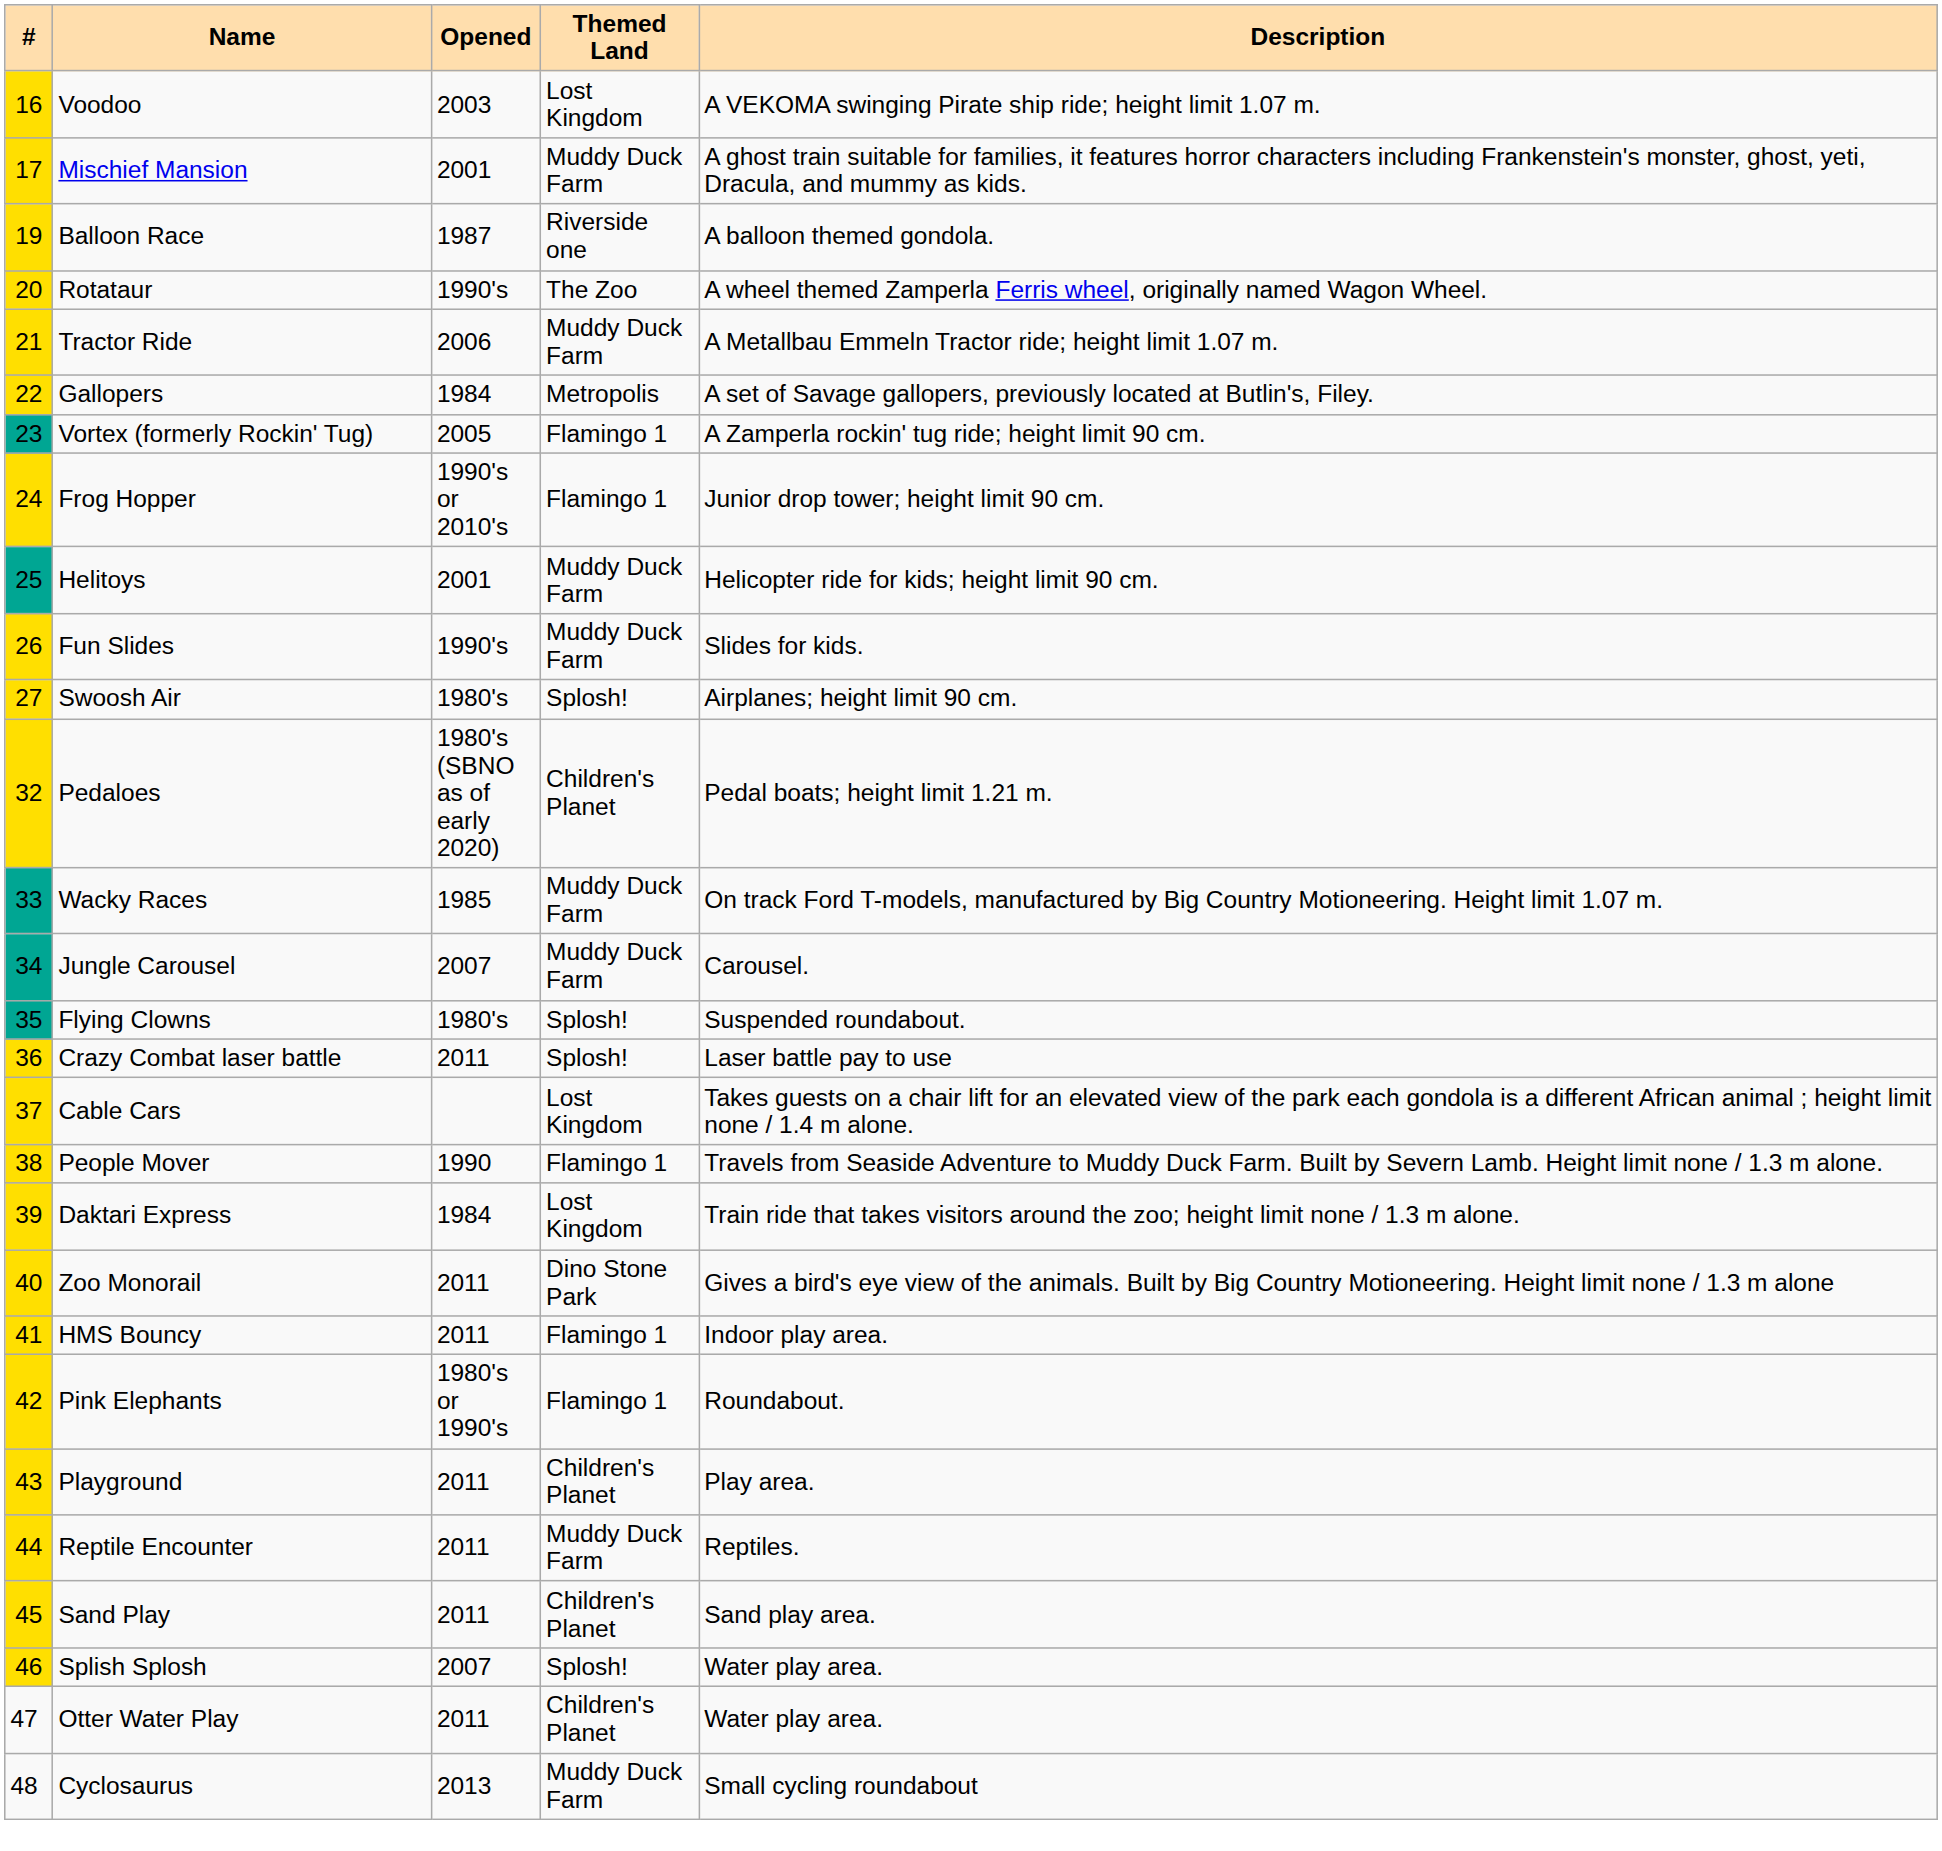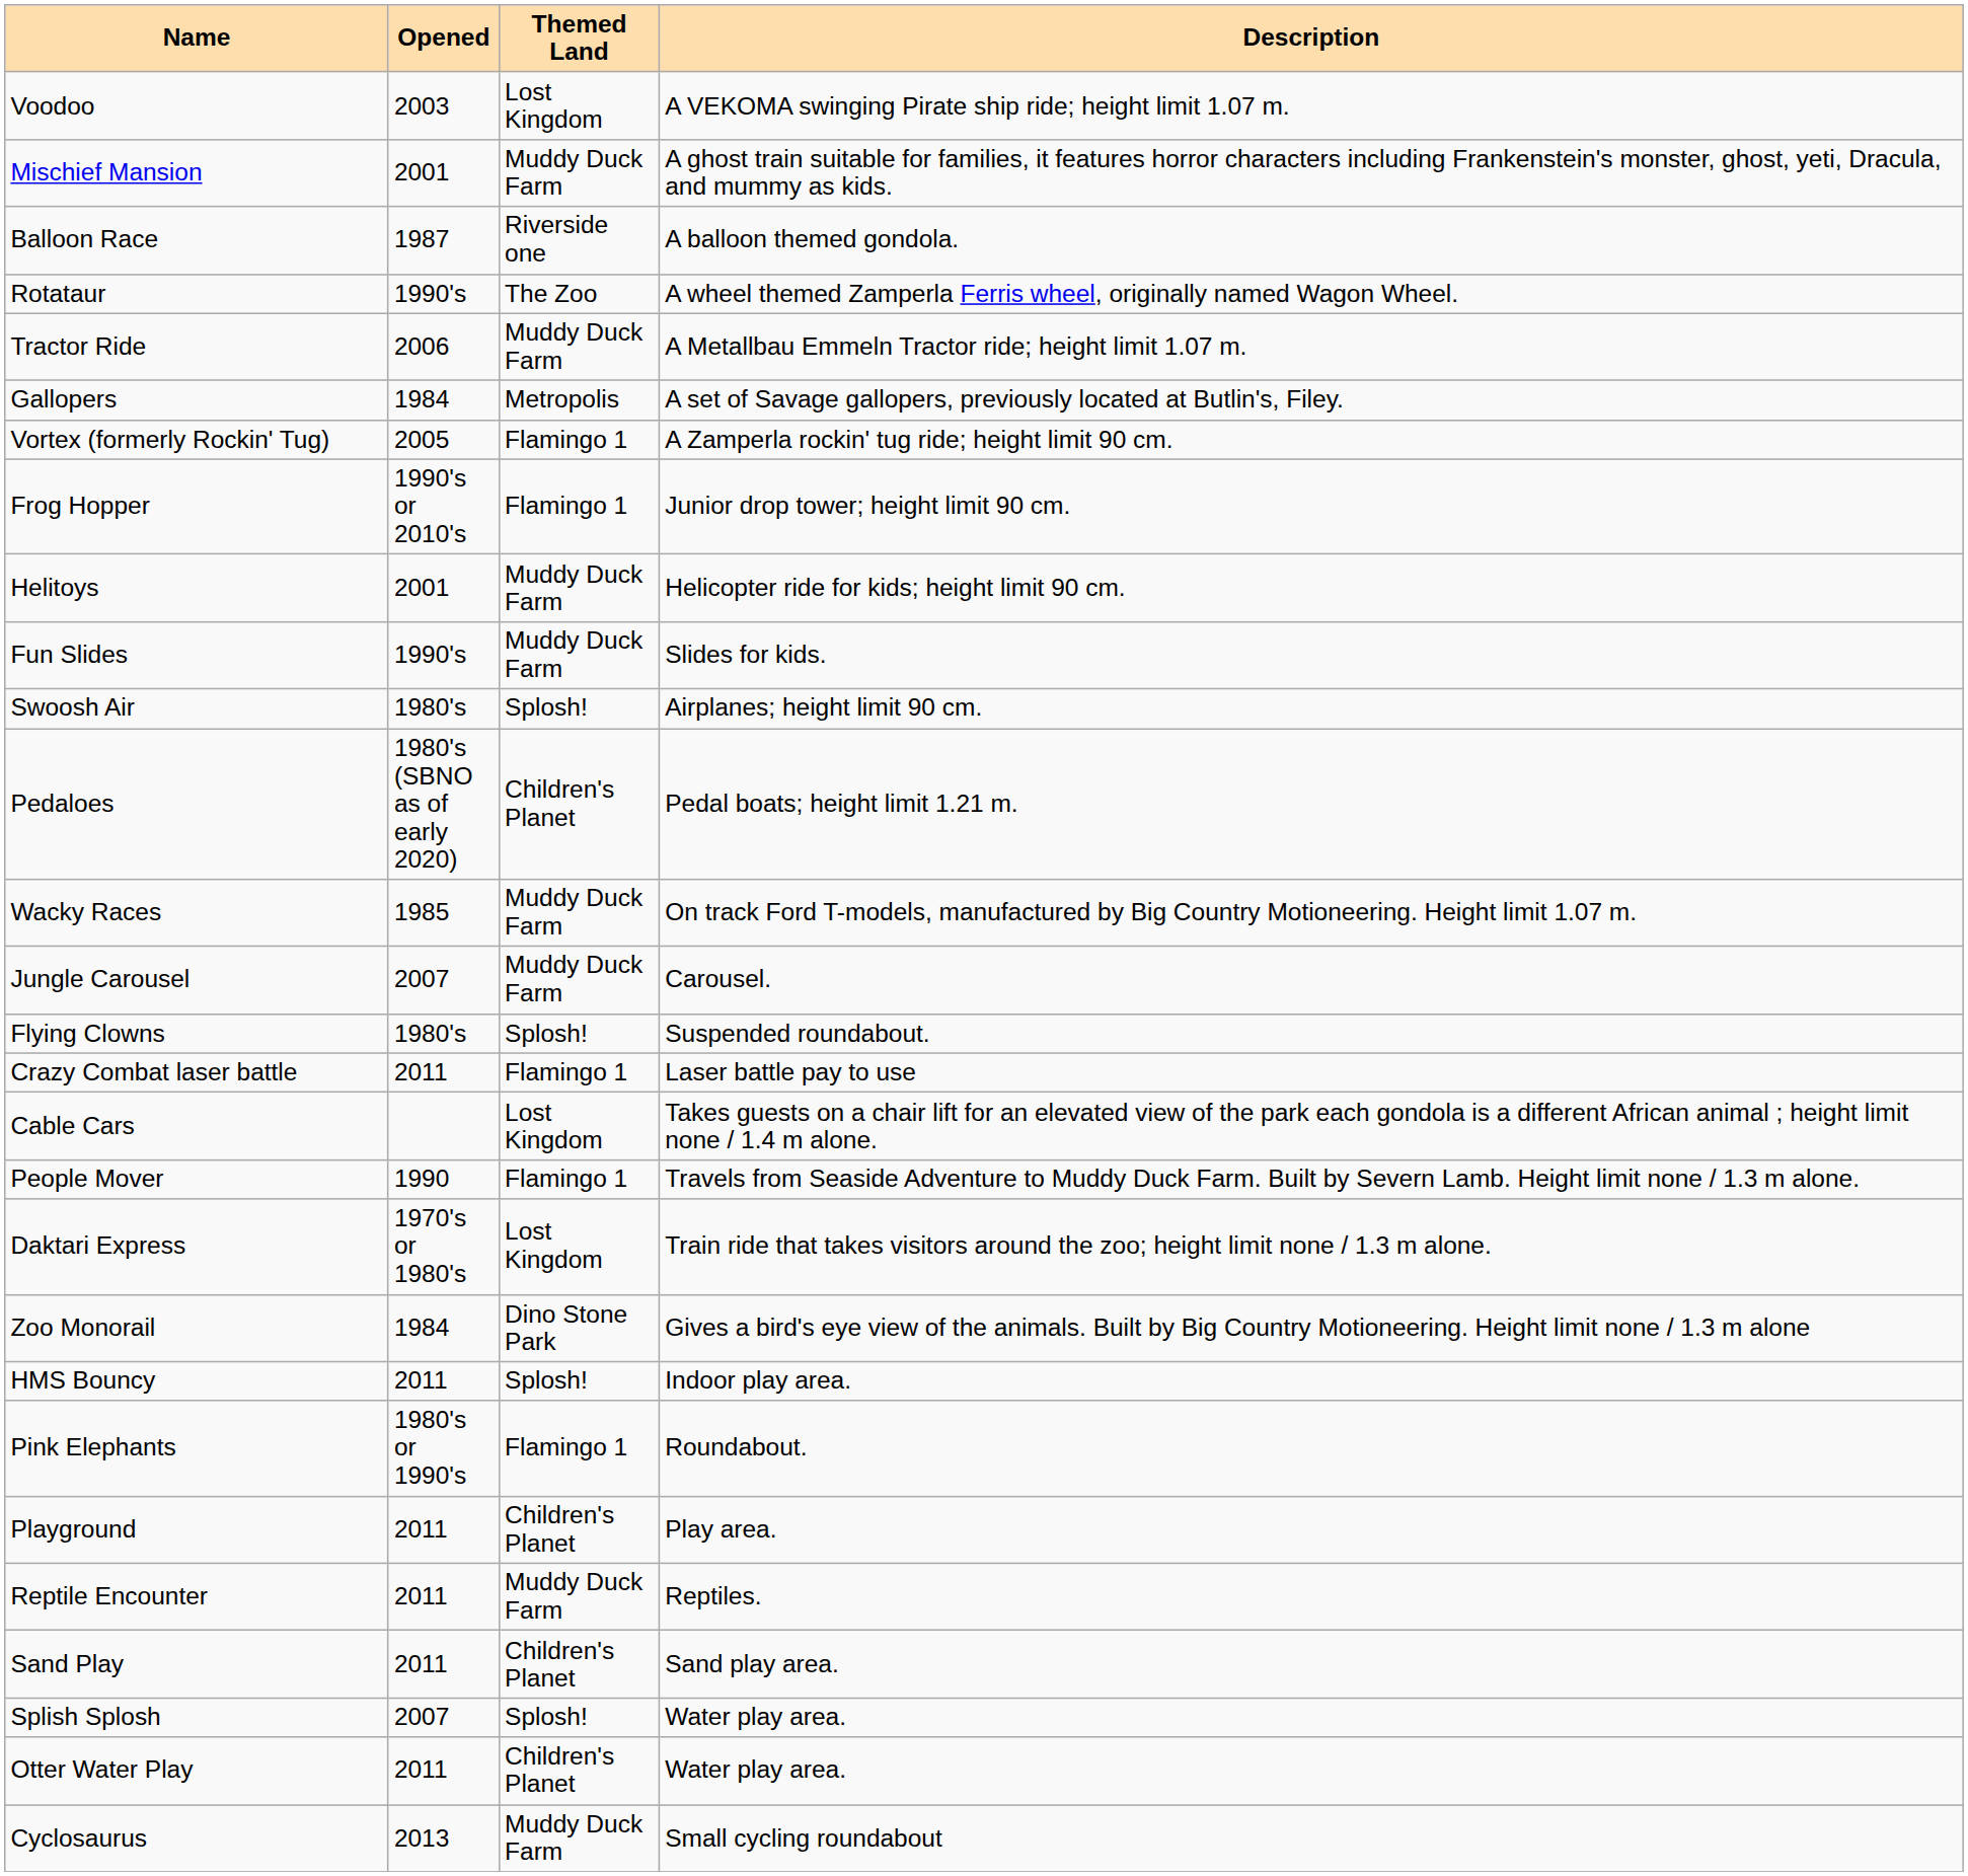 <table class="wikitable" style="width: 100%; font sizes: 95%;">
 <tr>
-<th style="background-color: #FFDEAD; width: 1.5em;">#</th>
 <th style="background-color: #FFDEAD; width: 15em;">Name</th>
 <th style="background-color: #FFDEAD; width: 4em;">Opened</th>
 <th style="background-color: #FFDEAD; width: 6em;">Themed Land</th>
 <th style="background-color: #FFDEAD;">Description</th>
 </tr>
 <tr>
-<td style="background-color: #FFDF00; text-align: center;">16</td>
 <td>Voodoo</td>
 <td>2003</td>
 <td>Lost Kingdom</td>
 <td>A VEKOMA swinging Pirate ship ride; height limit 1.07 m.</td>
 </tr>
 <tr>
-<td style="background-color: #FFDF00; text-align: center;">17</td>
 <td><a href='#'>Mischief Mansion</a></td>
 <td>2001</td>
 <td>Muddy Duck Farm</td>
 <td>A ghost train suitable for families, it features horror characters including Frankenstein's monster, ghost, yeti, Dracula, and mummy as kids.</td>
 </tr>
 <tr>
-<td style="background-color: #FFDF00; text-align: center;">19</td>
 <td>Balloon Race</td>
 <td>1987</td>
 <td>Riverside one</td>
 <td>A balloon themed gondola.</td>
 </tr>
 <tr>
-<td style="background-color: #FFDF00; text-align: center;">20</td>
 <td>Rotataur</td>
 <td>1990's</td>
 <td>The Zoo</td>
 <td>A wheel themed Zamperla <a href='#'>Ferris wheel</a>, originally named Wagon Wheel.</td>
 </tr>
 <tr>
-<td style="background-color: #FFDF00; text-align: center;">21</td>
 <td>Tractor Ride</td>
 <td>2006</td>
 <td>Muddy Duck Farm</td>
 <td>A Metallbau Emmeln Tractor ride; height limit 1.07 m.</td>
 </tr>
 <tr>
-<td style="background-color: #FFDF00; text-align: center;">22</td>
 <td>Gallopers</td>
 <td>1984</td>
 <td>Metropolis</td>
 <td>A set of Savage gallopers, previously located at Butlin's, Filey.</td>
 </tr>
 <tr>
-<td style="background-color: #00A693; text-align: center;">23</td>
 <td>Vortex (formerly Rockin' Tug)</td>
 <td>2005</td>
 <td>Flamingo 1</td>
 <td>A Zamperla rockin' tug ride; height limit 90 cm.</td>
 </tr>
 <tr>
-<td style="background-color: #FFDF00; text-align: center;">24</td>
 <td>Frog Hopper</td>
 <td>1990's or 2010's</td>
 <td>Flamingo 1</td>
 <td>Junior drop tower; height limit 90 cm.</td>
 </tr>
 <tr>
-<td style="background-color: #00A693; text-align: center;">25</td>
 <td>Helitoys</td>
 <td>2001</td>
 <td>Muddy Duck Farm</td>
 <td>Helicopter ride for kids; height limit 90 cm.</td>
 </tr>
 <tr>
-<td style="background-color: #FFDF00; text-align: center;">26</td>
 <td>Fun Slides</td>
 <td>1990's</td>
 <td>Muddy Duck Farm</td>
 <td>Slides for kids.</td>
 </tr>
 <tr>
-<td style="background-color: #FFDF00; text-align: center;">27</td>
 <td>Swoosh Air</td>
 <td>1980's</td>
 <td>Splosh!</td>
 <td>Airplanes; height limit 90 cm.</td>
 </tr>
 <tr>
-<td style="background-color: #FFDF00; text-align: center;">32</td>
 <td>Pedaloes</td>
 <td>1980's (SBNO as of early 2020)</td>
 <td>Children's Planet</td>
 <td>Pedal boats; height limit 1.21 m.</td>
 </tr>
 <tr>
-<td style="background-color: #00A693; text-align: center;">33</td>
 <td>Wacky Races</td>
 <td>1985</td>
 <td>Muddy Duck Farm</td>
 <td>On track Ford T-models, manufactured by Big Country Motioneering. Height limit 1.07 m.</td>
 </tr>
 <tr>
-<td style="background-color: #00A693; text-align: center;">34</td>
 <td>Jungle Carousel</td>
 <td>2007</td>
 <td>Muddy Duck Farm</td>
 <td>Carousel.</td>
 </tr>
 <tr>
-<td style="background-color: #00A693; text-align: center;">35</td>
 <td>Flying Clowns</td>
 <td>1980's</td>
 <td>Splosh!</td>
 <td>Suspended roundabout.</td>
 </tr>
 <tr>
-<td style="background-color: #FFDF00; text-align: center;">36</td>
 <td>Crazy Combat laser battle</td>
 <td>2011</td>
-<td>Splosh!</td>
+<td>Flamingo 1</td>
 <td>Laser battle pay to use</td>
 </tr>
 <tr>
-<td style="background-color: #FFDF00; text-align: center;">37</td>
 <td>Cable Cars</td>
 <td></td>
 <td>Lost Kingdom</td>
 <td>Takes guests on a chair lift for an elevated view of the park each gondola is a different African animal ; height limit none / 1.4 m alone.</td>
 </tr>
 <tr>
-<td style="background-color: #FFDF00; text-align: center;">38</td>
 <td>People Mover</td>
 <td>1990</td>
 <td>Flamingo 1</td>
 <td>Travels from Seaside Adventure to Muddy Duck Farm. Built by Severn Lamb. Height limit none / 1.3 m alone.</td>
 </tr>
 <tr>
-<td style="background-color: #FFDF00; text-align: center;">39</td>
 <td>Daktari Express</td>
-<td>1984</td>
+<td>1970's or 1980's</td>
 <td>Lost Kingdom</td>
 <td>Train ride that takes visitors around the zoo; height limit none / 1.3 m alone.</td>
 </tr>
 <tr>
-<td style="background-color: #FFDF00; text-align: center;">40</td>
 <td>Zoo Monorail</td>
-<td>2011</td>
+<td>1984</td>
 <td>Dino Stone Park</td>
 <td>Gives a bird's eye view of the animals. Built by Big Country Motioneering. Height limit none / 1.3 m alone</td>
 </tr>
 <tr>
-<td style="background-color: #FFDF00; text-align: center;">41</td>
 <td>HMS Bouncy</td>
 <td>2011</td>
-<td>Flamingo 1</td>
+<td>Splosh!</td>
 <td>Indoor play area.</td>
 </tr>
 <tr>
-<td style="background-color: #FFDF00; text-align: center;">42</td>
 <td>Pink Elephants</td>
 <td>1980's or 1990's</td>
 <td>Flamingo 1</td>
 <td>Roundabout.</td>
 </tr>
 <tr>
-<td style="background-color: #FFDF00; text-align: center;">43</td>
 <td>Playground</td>
 <td>2011</td>
 <td>Children's Planet</td>
 <td>Play area.</td>
 </tr>
 <tr>
-<td style="background-color: #FFDF00; text-align: center ">44</td>
 <td>Reptile Encounter</td>
 <td>2011</td>
 <td>Muddy Duck Farm</td>
 <td>Reptiles.</td>
 </tr>
 <tr>
-<td style="background-color: #FFDF00; text-align: center ">45</td>
 <td>Sand Play</td>
 <td>2011</td>
 <td>Children's Planet</td>
 <td>Sand play area.</td>
 </tr>
 <tr>
-<td style="background-color: #FFDF00; text-align: center ">46</td>
 <td>Splish Splosh</td>
 <td>2007</td>
 <td>Splosh!</td>
 <td>Water play area.</td>
 </tr>
 <tr>
-<td style="background-color: #FFDFOO; text align: center ">47</td>
 <td>Otter Water Play</td>
 <td>2011</td>
 <td>Children's Planet</td>
 <td>Water play area.</td>
 </tr>
 <tr>
-<td style="background-color: #FFDFOO; text align: center ">48</td>
 <td>Cyclosaurus</td>
 <td>2013</td>
 <td>Muddy Duck Farm</td>
 <td>Small cycling roundabout</td>
 </tr>
 </table>
